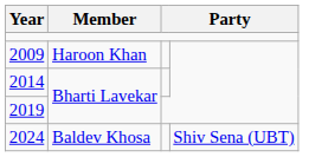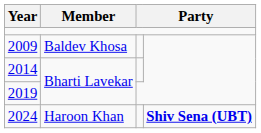 <table class="wikitable">
 <tr>
 <th>Year</th>
 <th>Member</th>
 <th colspan="2">Party</th>
 </tr>
 <tr>
 <td colspan=4></td>
 </tr>
 <tr>
 <td><a href='#'>2009</a></td>
-<td><a href='#'>Haroon Khan</a></td>
+<td><a href='#'>Baldev Khosa</a></td>
 <td></td>
 </tr>
 <tr>
 <td><a href='#'>2014</a></td>
 <td rowspan="2"><a href='#'>Bharti Lavekar</a></td>
 <td></td>
 </tr>
 <tr>
 <td><a href='#'>2019</a></td>
 </tr>
 <tr>
 <td><a href='#'>2024</a></td>
-<td><a href='#'>Baldev Khosa</a></td>
+<td><a href='#'>Haroon Khan</a></td>
 <td style="background-color: "></td>
-<td><a href='#'>Shiv Sena (UBT)</a></td>
+<td><strong><a href='#'>Shiv Sena (UBT)</a></strong></td>
 </tr>
 </table>
